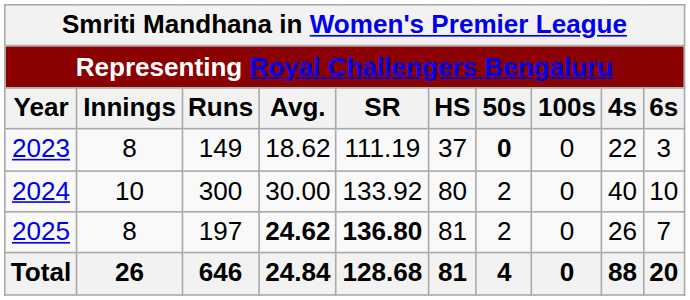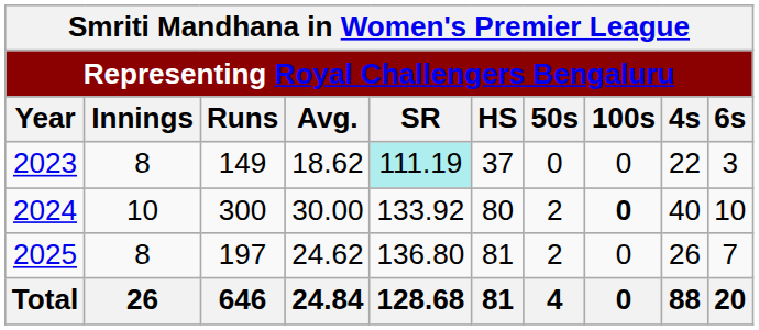 <table class="wikitable" style="text-align:center;">
 <tr>
 <th colspan=11>Smriti Mandhana in <a href='#'><span>Women's Premier League</span></a></th>
 </tr>
 <tr>
 <th colspan=11 style="background: #8B0000; color:#FFFFFF">Representing <a href='#'><span>Royal Challengers Bengaluru</span></a></th>
 </tr>
 <tr>
 <th>Year</th>
 <th>Innings</th>
 <th>Runs</th>
 <th>Avg.</th>
 <th>SR</th>
 <th>HS</th>
 <th>50s</th>
 <th>100s</th>
 <th>4s</th>
 <th>6s</th>
 </tr>
 <tr>
 <td><a href='#'>2023</a></td>
 <td>8</td>
 <td>149</td>
 <td>18.62</td>
-<td>111.19</td>
+<td style="background: paleturquoise;">111.19</td>
 <td>37</td>
-<td><strong>0</strong></td>
+<td>0</td>
 <td>0</td>
 <td>22</td>
 <td>3</td>
 </tr>
 <tr>
 <td><a href='#'>2024</a></td>
 <td>10</td>
 <td>300</td>
 <td>30.00</td>
 <td>133.92</td>
 <td>80</td>
 <td>2</td>
-<td>0</td>
+<td><strong>0</strong></td>
 <td>40</td>
 <td>10</td>
 </tr>
 <tr>
 <td><a href='#'>2025</a></td>
 <td>8</td>
 <td>197</td>
-<td><strong>24.62</strong></td>
-<td><strong>136.80</strong></td>
+<td>24.62</td>
+<td>136.80</td>
 <td>81</td>
 <td>2</td>
 <td>0</td>
 <td>26</td>
 <td>7</td>
 </tr>
 <tr>
 <th>Total</th>
 <th>26</th>
 <th>646</th>
 <th>24.84</th>
 <th>128.68</th>
 <th>81</th>
 <th>4</th>
 <th>0</th>
 <th>88</th>
 <th>20</th>
 </tr>
 </table>
